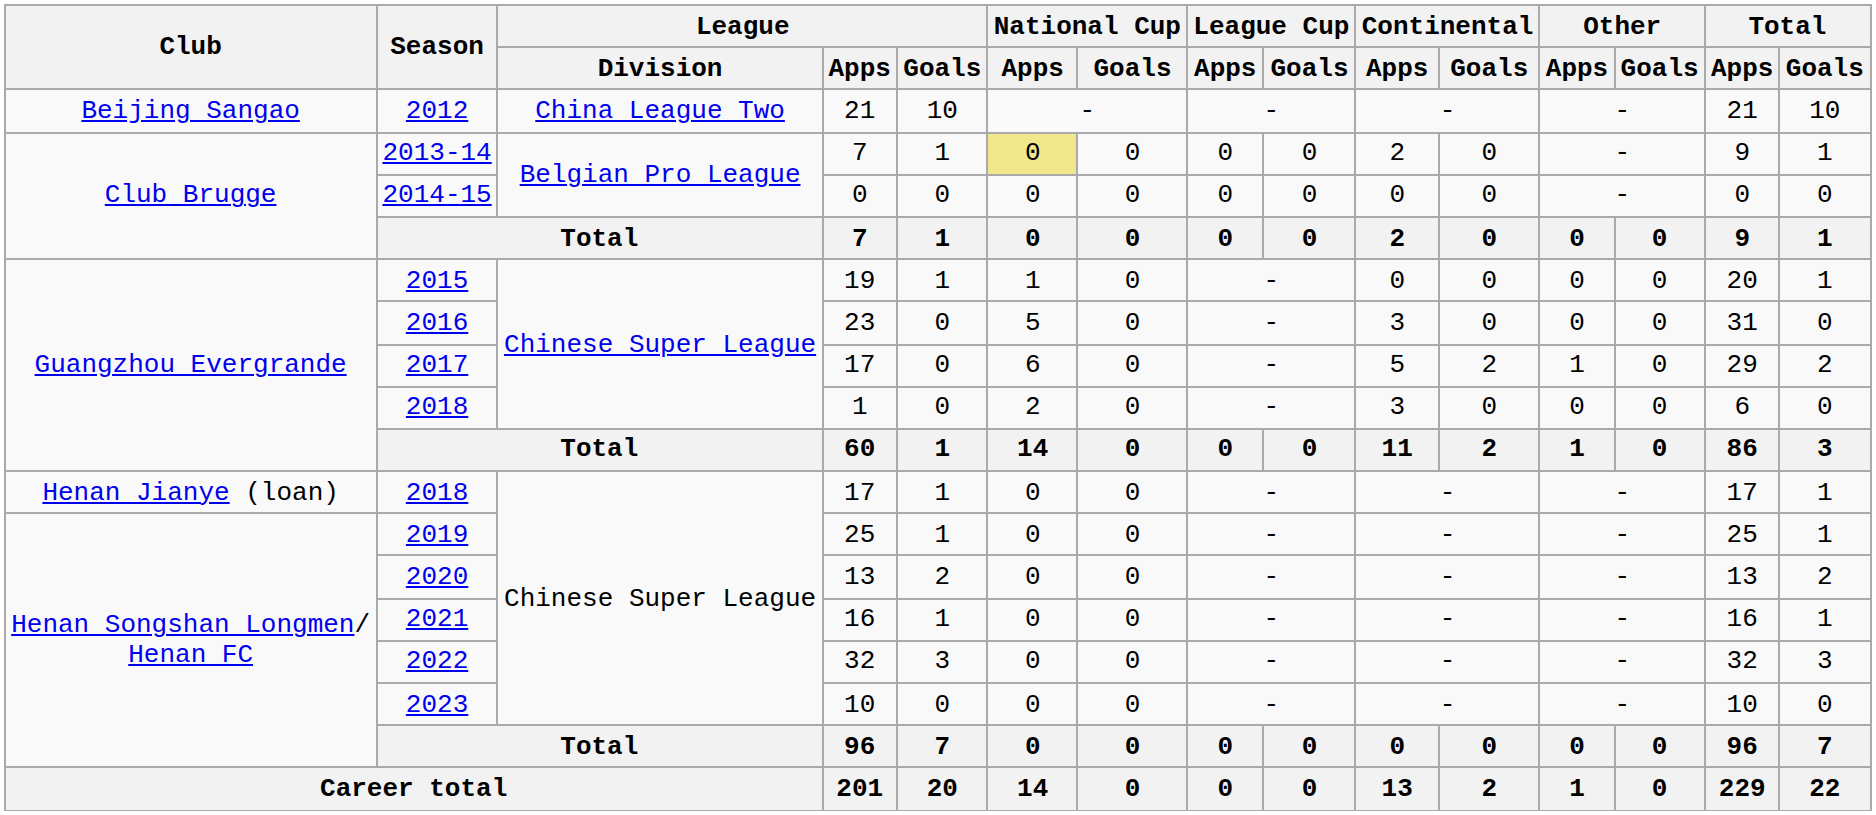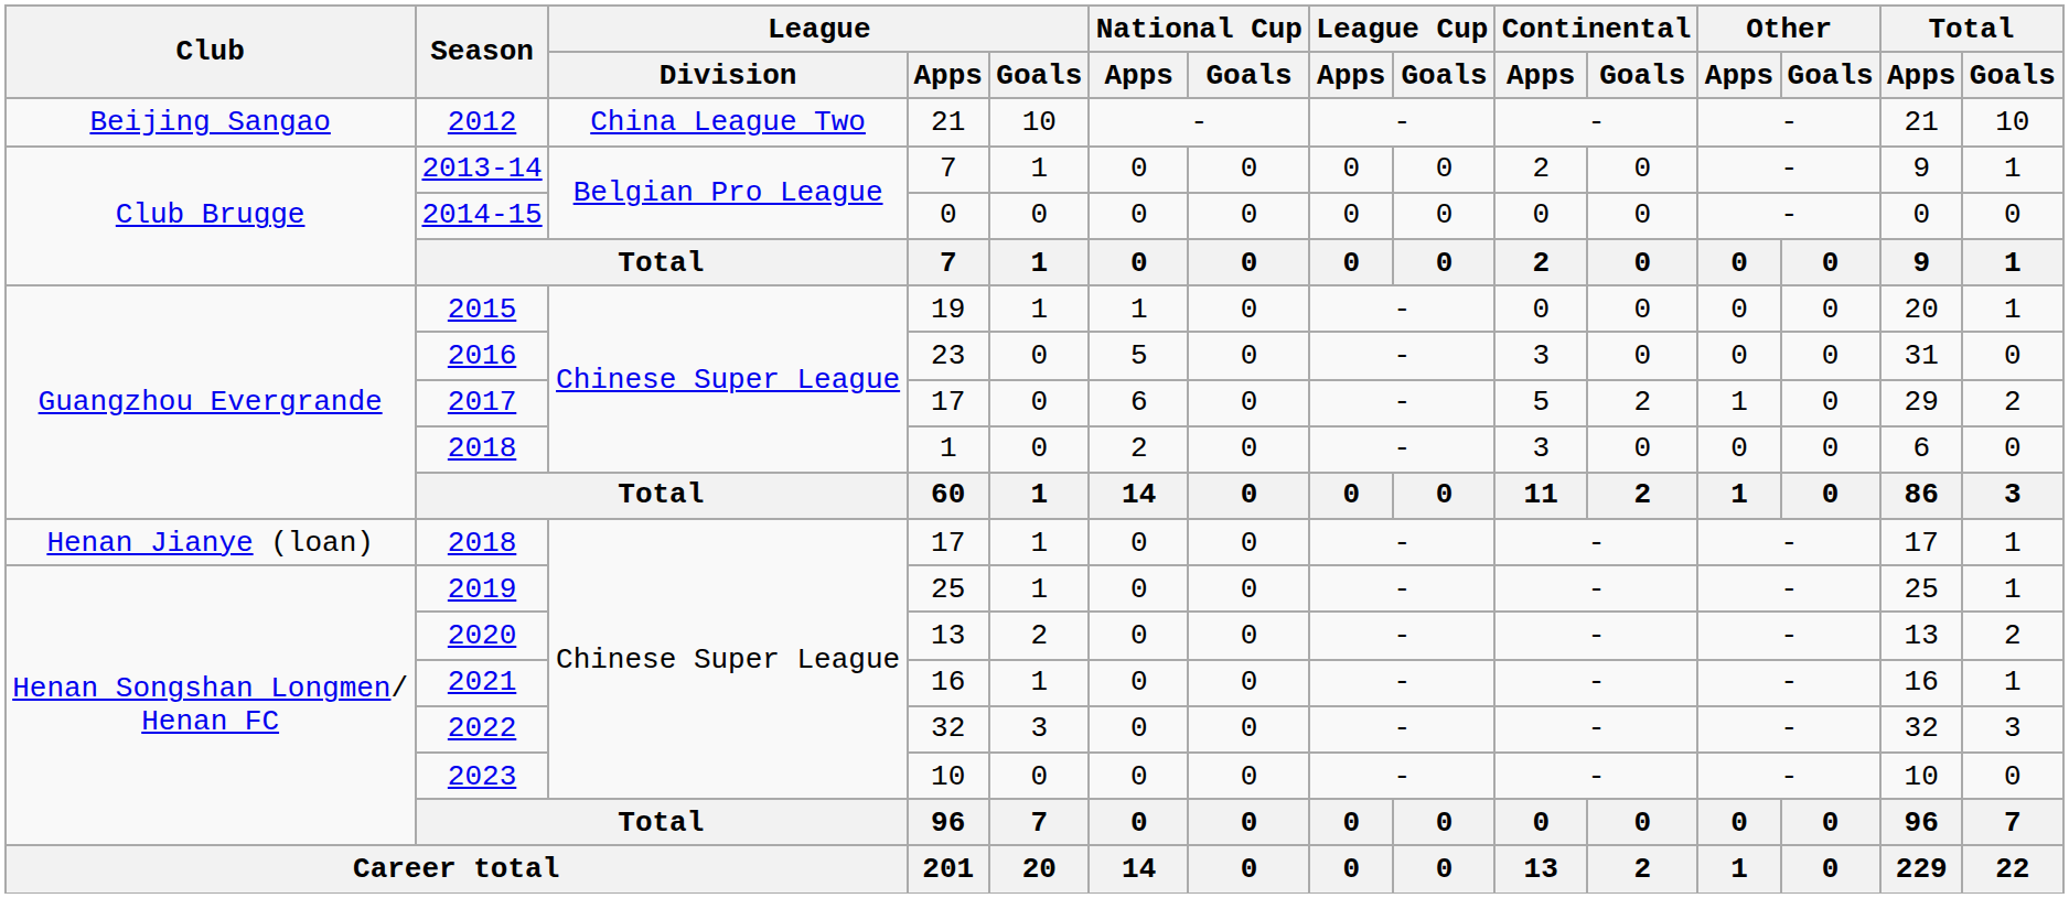 <table class="wikitable" style="text-align: center">
 <tr>
 <th rowspan="2">Club</th>
 <th rowspan="2">Season</th>
 <th colspan="3">League</th>
 <th colspan="2">National Cup</th>
 <th colspan="2">League Cup</th>
 <th colspan="2">Continental</th>
 <th colspan="2">Other</th>
 <th colspan="2">Total</th>
 </tr>
 <tr>
 <th>Division</th>
 <th>Apps</th>
 <th>Goals</th>
 <th>Apps</th>
 <th>Goals</th>
 <th>Apps</th>
 <th>Goals</th>
 <th>Apps</th>
 <th>Goals</th>
 <th>Apps</th>
 <th>Goals</th>
 <th>Apps</th>
 <th>Goals</th>
 </tr>
 <tr>
 <td><a href='#'>Beijing Sangao</a></td>
 <td><a href='#'>2012</a></td>
 <td><a href='#'>China League Two</a></td>
 <td>21</td>
 <td>10</td>
 <td colspan="2">-</td>
 <td colspan="2">-</td>
 <td colspan="2">-</td>
 <td colspan="2">-</td>
 <td>21</td>
 <td>10</td>
 </tr>
 <tr>
 <td rowspan="3"><a href='#'>Club Brugge</a></td>
 <td><a href='#'>2013-14</a></td>
 <td rowspan="2"><a href='#'>Belgian Pro League</a></td>
 <td>7</td>
 <td>1</td>
-<td style="background: khaki;">0</td>
+<td>0</td>
 <td>0</td>
 <td>0</td>
 <td>0</td>
 <td>2</td>
 <td>0</td>
 <td colspan="2">-</td>
 <td>9</td>
 <td>1</td>
 </tr>
 <tr>
 <td><a href='#'>2014-15</a></td>
 <td>0</td>
 <td>0</td>
 <td>0</td>
 <td>0</td>
 <td>0</td>
 <td>0</td>
 <td>0</td>
 <td>0</td>
 <td colspan="2">-</td>
 <td>0</td>
 <td>0</td>
 </tr>
 <tr>
 <th colspan=2>Total</th>
 <th>7</th>
 <th>1</th>
 <th>0</th>
 <th>0</th>
 <th>0</th>
 <th>0</th>
 <th>2</th>
 <th>0</th>
 <th>0</th>
 <th>0</th>
 <th>9</th>
 <th>1</th>
 </tr>
 <tr>
 <td rowspan="5"><a href='#'>Guangzhou Evergrande</a></td>
 <td><a href='#'>2015</a></td>
 <td rowspan="4"><a href='#'>Chinese Super League</a></td>
 <td>19</td>
 <td>1</td>
 <td>1</td>
 <td>0</td>
 <td colspan="2">-</td>
 <td>0</td>
 <td>0</td>
 <td>0</td>
 <td>0</td>
 <td>20</td>
 <td>1</td>
 </tr>
 <tr>
 <td><a href='#'>2016</a></td>
 <td>23</td>
 <td>0</td>
 <td>5</td>
 <td>0</td>
 <td colspan="2">-</td>
 <td>3</td>
 <td>0</td>
 <td>0</td>
 <td>0</td>
 <td>31</td>
 <td>0</td>
 </tr>
 <tr>
 <td><a href='#'>2017</a></td>
 <td>17</td>
 <td>0</td>
 <td>6</td>
 <td>0</td>
 <td colspan="2">-</td>
 <td>5</td>
 <td>2</td>
 <td>1</td>
 <td>0</td>
 <td>29</td>
 <td>2</td>
 </tr>
 <tr>
 <td><a href='#'>2018</a></td>
 <td>1</td>
 <td>0</td>
 <td>2</td>
 <td>0</td>
 <td colspan="2">-</td>
 <td>3</td>
 <td>0</td>
 <td>0</td>
 <td>0</td>
 <td>6</td>
 <td>0</td>
 </tr>
 <tr>
 <th colspan=2>Total</th>
 <th>60</th>
 <th>1</th>
 <th>14</th>
 <th>0</th>
 <th>0</th>
 <th>0</th>
 <th>11</th>
 <th>2</th>
 <th>1</th>
 <th>0</th>
 <th>86</th>
 <th>3</th>
 </tr>
 <tr>
 <td><a href='#'>Henan Jianye</a> (loan)</td>
 <td><a href='#'>2018</a></td>
 <td rowspan="6">Chinese Super League</td>
 <td>17</td>
 <td>1</td>
 <td>0</td>
 <td>0</td>
 <td colspan="2">-</td>
 <td colspan="2">-</td>
 <td colspan="2">-</td>
 <td>17</td>
 <td>1</td>
 </tr>
 <tr>
 <td rowspan="6"><a href='#'>Henan Songshan Longmen</a>/<br><a href='#'>Henan FC</a></td>
 <td><a href='#'>2019</a></td>
 <td>25</td>
 <td>1</td>
 <td>0</td>
 <td>0</td>
 <td colspan="2">-</td>
 <td colspan="2">-</td>
 <td colspan="2">-</td>
 <td>25</td>
 <td>1</td>
 </tr>
 <tr>
 <td><a href='#'>2020</a></td>
 <td>13</td>
 <td>2</td>
 <td>0</td>
 <td>0</td>
 <td colspan="2">-</td>
 <td colspan="2">-</td>
 <td colspan="2">-</td>
 <td>13</td>
 <td>2</td>
 </tr>
 <tr>
 <td><a href='#'>2021</a></td>
 <td>16</td>
 <td>1</td>
 <td>0</td>
 <td>0</td>
 <td colspan="2">-</td>
 <td colspan="2">-</td>
 <td colspan="2">-</td>
 <td>16</td>
 <td>1</td>
 </tr>
 <tr>
 <td><a href='#'>2022</a></td>
 <td>32</td>
 <td>3</td>
 <td>0</td>
 <td>0</td>
 <td colspan="2">-</td>
 <td colspan="2">-</td>
 <td colspan="2">-</td>
 <td>32</td>
 <td>3</td>
 </tr>
 <tr>
 <td><a href='#'>2023</a></td>
 <td>10</td>
 <td>0</td>
 <td>0</td>
 <td>0</td>
 <td colspan="2">-</td>
 <td colspan="2">-</td>
 <td colspan="2">-</td>
 <td>10</td>
 <td>0</td>
 </tr>
 <tr>
 <th colspan=2>Total</th>
 <th>96</th>
 <th>7</th>
 <th>0</th>
 <th>0</th>
 <th>0</th>
 <th>0</th>
 <th>0</th>
 <th>0</th>
 <th>0</th>
 <th>0</th>
 <th>96</th>
 <th>7</th>
 </tr>
 <tr>
 <th colspan=3>Career total</th>
 <th>201</th>
 <th>20</th>
 <th>14</th>
 <th>0</th>
 <th>0</th>
 <th>0</th>
 <th>13</th>
 <th>2</th>
 <th>1</th>
 <th>0</th>
 <th>229</th>
 <th>22</th>
 </tr>
 </table>
